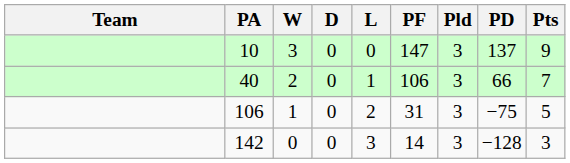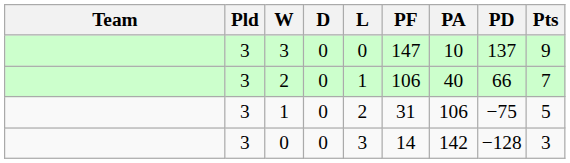 <table class="wikitable" style="text-align:center;">
 <tr>
 <th width=175>Team</th>
-<th width=32 abbr="Points against">PA</th>
+<th width=25 abbr="Played">Pld</th>
 <th width=25 abbr="Won">W</th>
 <th width=25 abbr="Drawn">D</th>
 <th width=25 abbr="Lost">L</th>
 <th width=32 abbr="Points for">PF</th>
-<th width=25 abbr="Played">Pld</th>
+<th width=32 abbr="Points against">PA</th>
 <th width=32 abbr="Points difference">PD</th>
 <th width=25 abbr="Points">Pts</th>
 </tr>
 <tr bgcolor="#ccffcc">
 <td align=left></td>
-<td>10</td>
+<td>3</td>
 <td>3</td>
 <td>0</td>
 <td>0</td>
 <td>147</td>
-<td>3</td>
+<td>10</td>
 <td>137</td>
 <td>9</td>
 </tr>
 <tr bgcolor="#ccffcc">
 <td align=left></td>
-<td>40</td>
+<td>3</td>
 <td>2</td>
 <td>0</td>
 <td>1</td>
 <td>106</td>
-<td>3</td>
+<td>40</td>
 <td>66</td>
 <td>7</td>
 </tr>
 <tr>
 <td align=left></td>
-<td>106</td>
+<td>3</td>
 <td>1</td>
 <td>0</td>
 <td>2</td>
 <td>31</td>
-<td>3</td>
+<td>106</td>
 <td>−75</td>
 <td>5</td>
 </tr>
 <tr>
 <td align=left></td>
-<td>142</td>
+<td>3</td>
 <td>0</td>
 <td>0</td>
 <td>3</td>
 <td>14</td>
-<td>3</td>
+<td>142</td>
 <td>−128</td>
 <td>3</td>
 </tr>
 </table>
